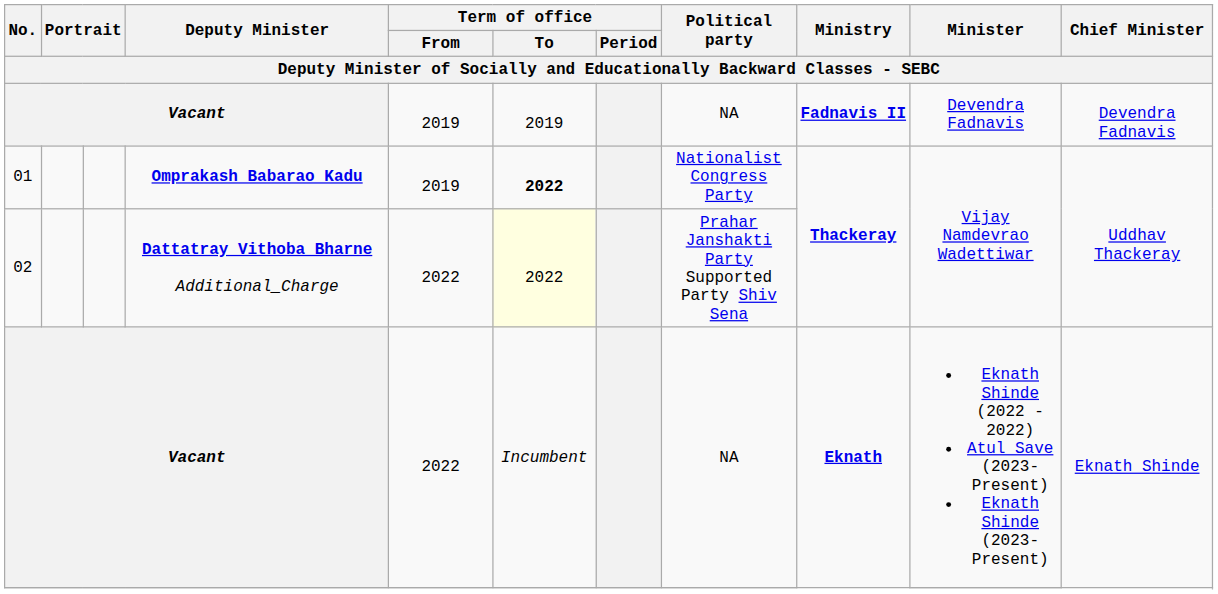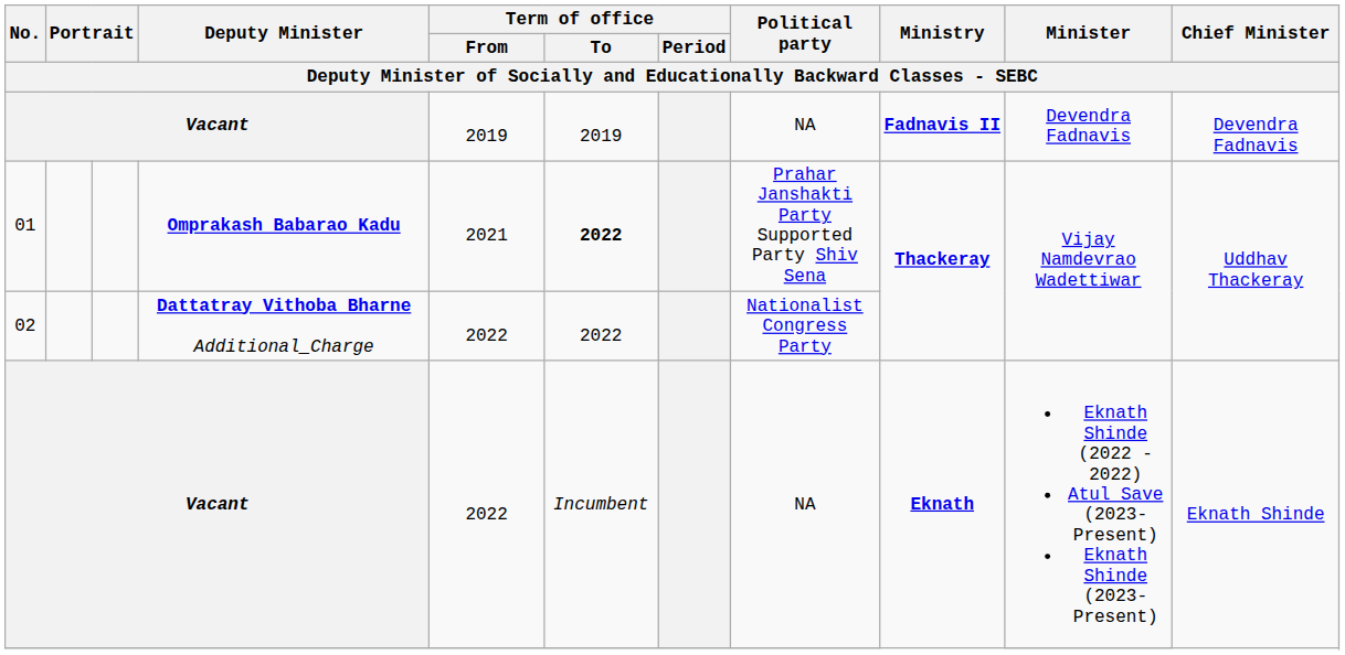 <table class="wikitable" style="text-align:center">
 <tr>
 <th rowspan="2">No.</th>
 <th rowspan="2" colspan="2">Portrait</th>
 <th rowspan="2" style="width:16em">Deputy Minister<br></th>
 <th colspan="3">Term of office</th>
 <th rowspan="2" style="width:8em">Political party</th>
 <th rowspan="2">Ministry</th>
 <th rowspan="2" style="width:9em">Minister</th>
 <th rowspan="2" style="width:9em">Chief Minister</th>
 </tr>
 <tr>
 <th style="width:6em">From</th>
 <th style="width:6em">To</th>
 <th>Period</th>
 </tr>
 <tr>
 <th colspan="11">Deputy Minister of Socially and Educationally Backward Classes - SEBC</th>
 </tr>
 <tr>
 <th colspan="04"><strong><em> Vacant</em></strong></th>
 <td><br>2019</td>
 <td><br>2019</td>
 <th></th>
 <td>NA</td>
 <td rowspan="1"><a href='#'><strong>Fadnavis II</strong></a></td>
 <td><a href='#'>Devendra Fadnavis</a></td>
 <td rowspan="1"> <br><a href='#'>Devendra Fadnavis</a></td>
 </tr>
 <tr>
 <td>01</td>
 <td style="color:inherit;background:"></td>
 <td></td>
 <td><strong><a href='#'>Omprakash Babarao Kadu</a></strong> <br> </td>
-<td><br>2019</td>
+<td><br>2021</td>
 <td><strong><br>2022</strong></td>
 <th></th>
-<td><a href='#'>Nationalist Congress Party</a></td>
+<td><a href='#'>Prahar Janshakti Party</a> Supported Party <a href='#'>Shiv Sena</a></td>
 <td rowspan="2"><a href='#'><strong>Thackeray</strong></a></td>
 <td rowspan="2"><a href='#'>Vijay Namdevrao Wadettiwar</a></td>
 <td rowspan="2"> <br><a href='#'>Uddhav Thackeray</a></td>
 </tr>
 <tr>
 <td>02</td>
 <td style="color:inherit;background:"></td>
 <td></td>
 <td><strong><a href='#'>Dattatray Vithoba Bharne</a></strong><br> <br><em>Additional_Charge</em></td>
 <td><br>2022</td>
-<td style="background: lightyellow;"><br>2022</td>
+<td><br>2022</td>
 <th></th>
-<td><a href='#'>Prahar Janshakti Party</a> Supported Party <a href='#'>Shiv Sena</a></td>
+<td><a href='#'>Nationalist Congress Party</a></td>
 </tr>
 <tr>
 <th colspan="04"><strong><em>Vacant</em></strong></th>
 <td><br>2022</td>
 <td><em>Incumbent</em></td>
 <th></th>
 <td>NA</td>
 <td rowspan="2"><a href='#'><strong>Eknath</strong></a></td>
 <td><br><ul><li><a href='#'>Eknath Shinde</a><br>(2022 - 2022)</li><li><a href='#'>Atul Save</a><br> (2023- Present)</li><li><a href='#'>Eknath Shinde</a><br> (2023- Present)</li></ul></td>
 <td rowspan="2"> <br><a href='#'>Eknath Shinde</a></td>
 </tr>
 <tr>
 </tr>
 </table>
